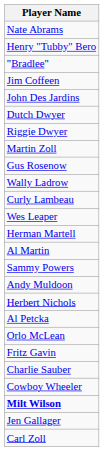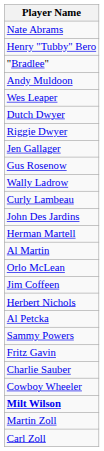 <table class="wikitable">
 <tr>
 <th>Player Name</th>
 </tr>
 <tr>
 <td><a href='#'>Nate Abrams</a></td>
 </tr>
 <tr>
 <td><a href='#'>Henry "Tubby" Bero</a></td>
 </tr>
 <tr>
 <td>"<a href='#'>Bradlee</a>"</td>
 </tr>
 <tr>
-<td><a href='#'>Jim Coffeen</a></td>
+<td><a href='#'>Andy Muldoon</a></td>
 </tr>
 <tr>
-<td><a href='#'>John Des Jardins</a></td>
+<td><a href='#'>Wes Leaper</a></td>
 </tr>
 <tr>
 <td><a href='#'>Dutch Dwyer</a></td>
 </tr>
 <tr>
 <td><a href='#'>Riggie Dwyer</a></td>
 </tr>
 <tr>
-<td><a href='#'>Martin Zoll</a></td>
+<td><a href='#'>Jen Gallager</a></td>
 </tr>
 <tr>
 <td><a href='#'>Gus Rosenow</a></td>
 </tr>
 <tr>
 <td><a href='#'>Wally Ladrow</a></td>
 </tr>
 <tr>
 <td><a href='#'>Curly Lambeau</a></td>
 </tr>
 <tr>
-<td><a href='#'>Wes Leaper</a></td>
+<td><a href='#'>John Des Jardins</a></td>
 </tr>
 <tr>
 <td><a href='#'>Herman Martell</a></td>
 </tr>
 <tr>
 <td><a href='#'>Al Martin</a></td>
 </tr>
 <tr>
-<td><a href='#'>Sammy Powers</a></td>
+<td><a href='#'>Orlo McLean</a></td>
 </tr>
 <tr>
-<td><a href='#'>Andy Muldoon</a></td>
+<td><a href='#'>Jim Coffeen</a></td>
 </tr>
 <tr>
 <td><a href='#'>Herbert Nichols</a></td>
 </tr>
 <tr>
 <td><a href='#'>Al Petcka</a></td>
 </tr>
 <tr>
-<td><a href='#'>Orlo McLean</a></td>
+<td><a href='#'>Sammy Powers</a></td>
 </tr>
 <tr>
 <td><a href='#'>Fritz Gavin</a></td>
 </tr>
 <tr>
 <td><a href='#'>Charlie Sauber</a></td>
 </tr>
 <tr>
 <td><a href='#'>Cowboy Wheeler</a></td>
 </tr>
 <tr>
 <td><strong><a href='#'>Milt Wilson</a></strong></td>
 </tr>
 <tr>
-<td><a href='#'>Jen Gallager</a></td>
+<td><a href='#'>Martin Zoll</a></td>
 </tr>
 <tr>
 <td><a href='#'>Carl Zoll</a></td>
 </tr>
 </table>
